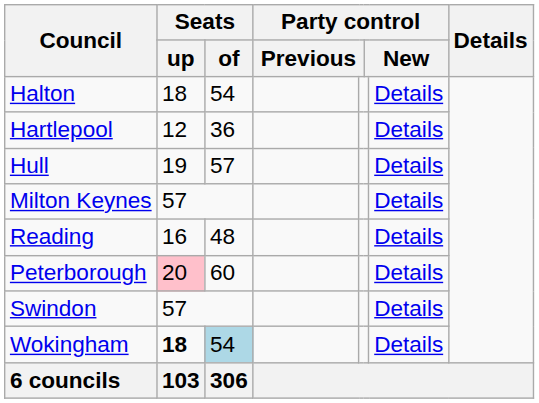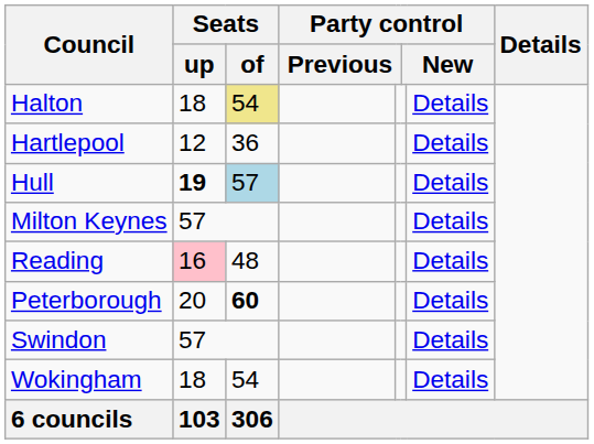 <table class="wikitable sortable">
 <tr>
 <th rowspan="2">Council</th>
 <th colspan="2">Seats</th>
 <th colspan="4">Party control</th>
 <th rowspan="2">Details</th>
 </tr>
 <tr>
 <th>up</th>
 <th>of</th>
 <th colspan="2">Previous</th>
 <th colspan="2">New</th>
 </tr>
 <tr>
 <td><a href='#'>Halton</a></td>
 <td>18</td>
-<td>54</td>
+<td style="background: khaki;">54</td>
 <td></td>
 <td colspan=2></td>
 <td><a href='#'>Details</a></td>
 </tr>
 <tr>
 <td><a href='#'>Hartlepool</a></td>
 <td>12</td>
 <td>36</td>
 <td></td>
 <td colspan=2></td>
 <td><a href='#'>Details</a></td>
 </tr>
 <tr>
 <td><a href='#'>Hull</a></td>
-<td>19</td>
-<td>57</td>
+<td><strong>19</strong></td>
+<td style="background: lightblue;">57</td>
 <td></td>
 <td colspan=2></td>
 <td><a href='#'>Details</a></td>
 </tr>
 <tr>
 <td><a href='#'>Milton Keynes</a></td>
 <td colspan=2>57</td>
 <td></td>
 <td colspan=2></td>
 <td><a href='#'>Details</a></td>
 </tr>
 <tr>
 <td><a href='#'>Reading</a></td>
-<td>16</td>
+<td style="background: pink;">16</td>
 <td>48</td>
 <td></td>
 <td colspan=2></td>
 <td><a href='#'>Details</a></td>
 </tr>
 <tr>
 <td><a href='#'>Peterborough</a></td>
-<td style="background: pink;">20</td>
-<td>60</td>
+<td>20</td>
+<td><strong>60</strong></td>
 <td></td>
 <td colspan=2></td>
 <td><a href='#'>Details</a></td>
 </tr>
 <tr>
 <td><a href='#'>Swindon</a></td>
 <td colspan=2>57</td>
 <td></td>
 <td colspan=2></td>
 <td><a href='#'>Details</a></td>
 </tr>
 <tr>
 <td><a href='#'>Wokingham</a></td>
-<td><strong>18</strong></td>
-<td style="background: lightblue;">54</td>
+<td>18</td>
+<td>54</td>
 <td></td>
 <td colspan=2></td>
 <td><a href='#'>Details</a></td>
 </tr>
 <tr class="sortbottom">
 <th style="text-align:left;">6 councils</th>
 <th>103</th>
 <th>306</th>
 <th colspan="5"></th>
 </tr>
 </table>
